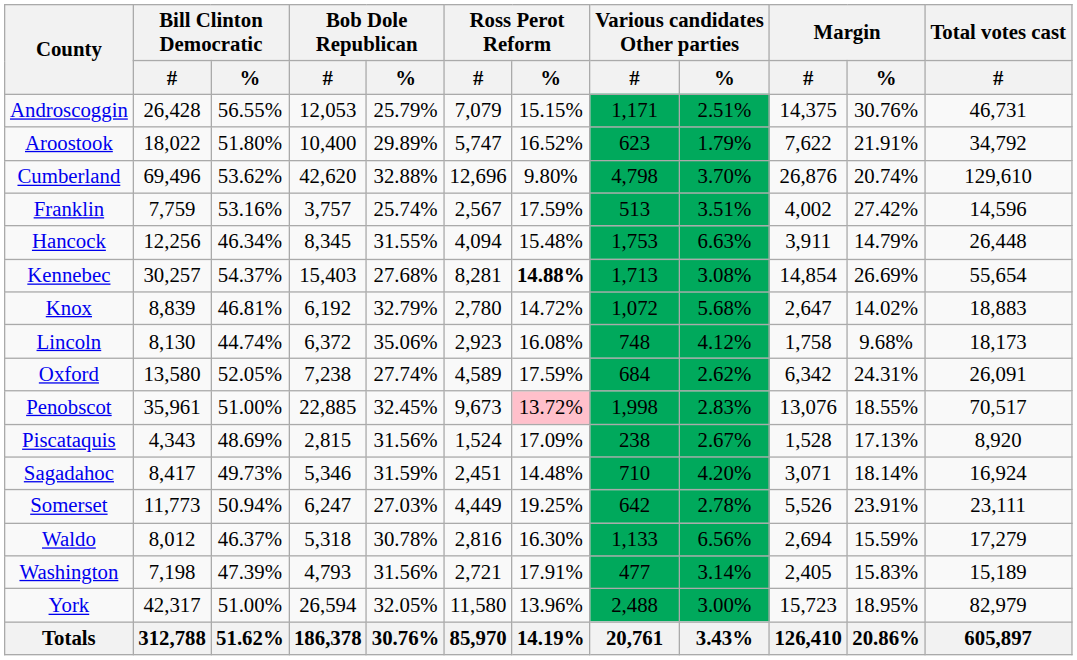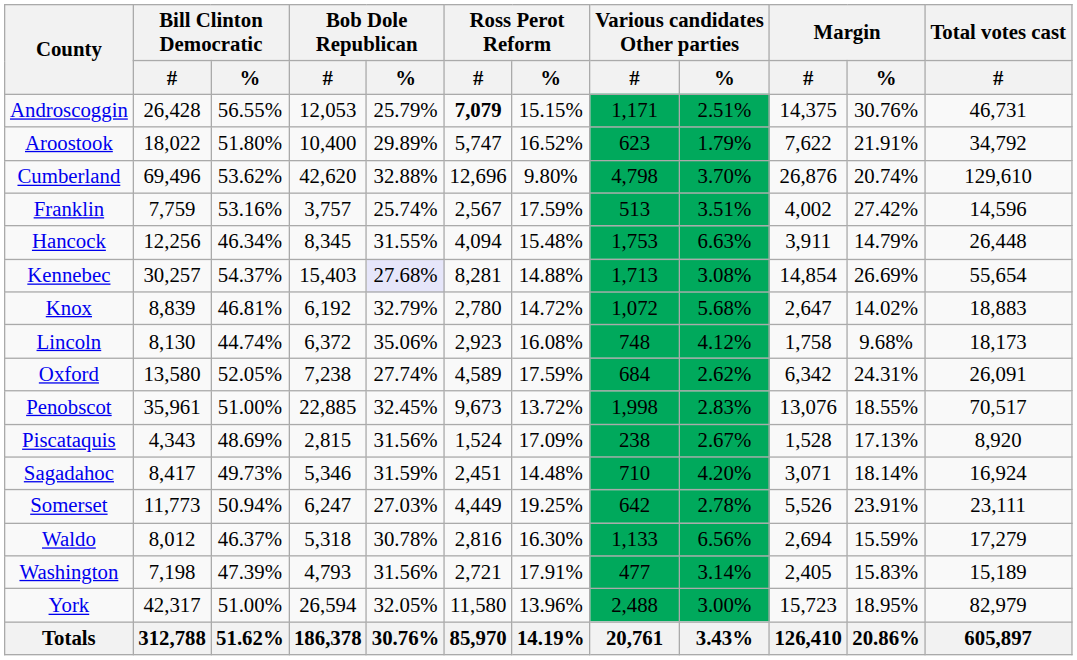 <table width="65%"  class="wikitable sortable" style="text-align:center">
 <tr>
 <th colspan="1" rowspan="2">County</th>
 <th style="text-align:center;" colspan="2">Bill Clinton<br>Democratic</th>
 <th style="text-align:center;" colspan="2">Bob Dole<br>Republican</th>
 <th style="text-align:center;" colspan="2">Ross Perot<br>Reform</th>
 <th style="text-align:center;" colspan="2">Various candidates<br>Other parties</th>
 <th style="text-align:center;" colspan="2">Margin</th>
 <th style="text-align:center;" colspan="1">Total votes cast</th>
 </tr>
 <tr>
 <th style="text-align:center;" data-sort-type="number">#</th>
 <th style="text-align:center;" data-sort-type="number">%</th>
 <th style="text-align:center;" data-sort-type="number">#</th>
 <th style="text-align:center;" data-sort-type="number">%</th>
 <th style="text-align:center;" data-sort-type="number">#</th>
 <th style="text-align:center;" data-sort-type="number">%</th>
 <th style="text-align:center;" data-sort-type="number">#</th>
 <th style="text-align:center;" data-sort-type="number">%</th>
 <th style="text-align:center;" data-sort-type="number">#</th>
 <th style="text-align:center;" data-sort-type="number">%</th>
 <th style="text-align:center;" data-sort-type="number">#</th>
 </tr>
 <tr style="text-align:center;">
 <td><a href='#'>Androscoggin</a></td>
 <td>26,428</td>
 <td>56.55%</td>
 <td>12,053</td>
 <td>25.79%</td>
-<td>7,079</td>
+<td><strong>7,079</strong></td>
 <td>15.15%</td>
 <td style="background:#00a95c">1,171</td>
 <td style="background:#00a95c">2.51%</td>
 <td>14,375</td>
 <td>30.76%</td>
 <td>46,731</td>
 </tr>
 <tr style="text-align:center;">
 <td><a href='#'>Aroostook</a></td>
 <td>18,022</td>
 <td>51.80%</td>
 <td>10,400</td>
 <td>29.89%</td>
 <td>5,747</td>
 <td>16.52%</td>
 <td style="background:#00a95c">623</td>
 <td style="background:#00a95c">1.79%</td>
 <td>7,622</td>
 <td>21.91%</td>
 <td>34,792</td>
 </tr>
 <tr style="text-align:center;">
 <td><a href='#'>Cumberland</a></td>
 <td>69,496</td>
 <td>53.62%</td>
 <td>42,620</td>
 <td>32.88%</td>
 <td>12,696</td>
 <td>9.80%</td>
 <td style="background:#00a95c">4,798</td>
 <td style="background:#00a95c">3.70%</td>
 <td>26,876</td>
 <td>20.74%</td>
 <td>129,610</td>
 </tr>
 <tr style="text-align:center;">
 <td><a href='#'>Franklin</a></td>
 <td>7,759</td>
 <td>53.16%</td>
 <td>3,757</td>
 <td>25.74%</td>
 <td>2,567</td>
 <td>17.59%</td>
 <td style="background:#00a95c">513</td>
 <td style="background:#00a95c">3.51%</td>
 <td>4,002</td>
 <td>27.42%</td>
 <td>14,596</td>
 </tr>
 <tr style="text-align:center;">
 <td><a href='#'>Hancock</a></td>
 <td>12,256</td>
 <td>46.34%</td>
 <td>8,345</td>
 <td>31.55%</td>
 <td>4,094</td>
 <td>15.48%</td>
 <td style="background:#00a95c">1,753</td>
 <td style="background:#00a95c">6.63%</td>
 <td>3,911</td>
 <td>14.79%</td>
 <td>26,448</td>
 </tr>
 <tr style="text-align:center;">
 <td><a href='#'>Kennebec</a></td>
 <td>30,257</td>
 <td>54.37%</td>
 <td>15,403</td>
-<td>27.68%</td>
+<td style="background: lavender;">27.68%</td>
 <td>8,281</td>
-<td><strong>14.88%</strong></td>
+<td>14.88%</td>
 <td style="background:#00a95c">1,713</td>
 <td style="background:#00a95c">3.08%</td>
 <td>14,854</td>
 <td>26.69%</td>
 <td>55,654</td>
 </tr>
 <tr style="text-align:center;">
 <td><a href='#'>Knox</a></td>
 <td>8,839</td>
 <td>46.81%</td>
 <td>6,192</td>
 <td>32.79%</td>
 <td>2,780</td>
 <td>14.72%</td>
 <td style="background:#00a95c">1,072</td>
 <td style="background:#00a95c">5.68%</td>
 <td>2,647</td>
 <td>14.02%</td>
 <td>18,883</td>
 </tr>
 <tr style="text-align:center;">
 <td><a href='#'>Lincoln</a></td>
 <td>8,130</td>
 <td>44.74%</td>
 <td>6,372</td>
 <td>35.06%</td>
 <td>2,923</td>
 <td>16.08%</td>
 <td style="background:#00a95c">748</td>
 <td style="background:#00a95c">4.12%</td>
 <td>1,758</td>
 <td>9.68%</td>
 <td>18,173</td>
 </tr>
 <tr style="text-align:center;">
 <td><a href='#'>Oxford</a></td>
 <td>13,580</td>
 <td>52.05%</td>
 <td>7,238</td>
 <td>27.74%</td>
 <td>4,589</td>
 <td>17.59%</td>
 <td style="background:#00a95c">684</td>
 <td style="background:#00a95c">2.62%</td>
 <td>6,342</td>
 <td>24.31%</td>
 <td>26,091</td>
 </tr>
 <tr style="text-align:center;">
 <td><a href='#'>Penobscot</a></td>
 <td>35,961</td>
 <td>51.00%</td>
 <td>22,885</td>
 <td>32.45%</td>
 <td>9,673</td>
-<td style="background: pink;">13.72%</td>
+<td>13.72%</td>
 <td style="background:#00a95c">1,998</td>
 <td style="background:#00a95c">2.83%</td>
 <td>13,076</td>
 <td>18.55%</td>
 <td>70,517</td>
 </tr>
 <tr style="text-align:center;">
 <td><a href='#'>Piscataquis</a></td>
 <td>4,343</td>
 <td>48.69%</td>
 <td>2,815</td>
 <td>31.56%</td>
 <td>1,524</td>
 <td>17.09%</td>
 <td style="background:#00a95c">238</td>
 <td style="background:#00a95c">2.67%</td>
 <td>1,528</td>
 <td>17.13%</td>
 <td>8,920</td>
 </tr>
 <tr style="text-align:center;">
 <td><a href='#'>Sagadahoc</a></td>
 <td>8,417</td>
 <td>49.73%</td>
 <td>5,346</td>
 <td>31.59%</td>
 <td>2,451</td>
 <td>14.48%</td>
 <td style="background:#00a95c">710</td>
 <td style="background:#00a95c">4.20%</td>
 <td>3,071</td>
 <td>18.14%</td>
 <td>16,924</td>
 </tr>
 <tr style="text-align:center;">
 <td><a href='#'>Somerset</a></td>
 <td>11,773</td>
 <td>50.94%</td>
 <td>6,247</td>
 <td>27.03%</td>
 <td>4,449</td>
 <td>19.25%</td>
 <td style="background:#00a95c">642</td>
 <td style="background:#00a95c">2.78%</td>
 <td>5,526</td>
 <td>23.91%</td>
 <td>23,111</td>
 </tr>
 <tr style="text-align:center;">
 <td><a href='#'>Waldo</a></td>
 <td>8,012</td>
 <td>46.37%</td>
 <td>5,318</td>
 <td>30.78%</td>
 <td>2,816</td>
 <td>16.30%</td>
 <td style="background:#00a95c">1,133</td>
 <td style="background:#00a95c">6.56%</td>
 <td>2,694</td>
 <td>15.59%</td>
 <td>17,279</td>
 </tr>
 <tr style="text-align:center;">
 <td><a href='#'>Washington</a></td>
 <td>7,198</td>
 <td>47.39%</td>
 <td>4,793</td>
 <td>31.56%</td>
 <td>2,721</td>
 <td>17.91%</td>
 <td style="background:#00a95c">477</td>
 <td style="background:#00a95c">3.14%</td>
 <td>2,405</td>
 <td>15.83%</td>
 <td>15,189</td>
 </tr>
 <tr style="text-align:center;">
 <td><a href='#'>York</a></td>
 <td>42,317</td>
 <td>51.00%</td>
 <td>26,594</td>
 <td>32.05%</td>
 <td>11,580</td>
 <td>13.96%</td>
 <td style="background:#00a95c">2,488</td>
 <td style="background:#00a95c">3.00%</td>
 <td>15,723</td>
 <td>18.95%</td>
 <td>82,979</td>
 </tr>
 <tr style="text-align:center;">
 <th>Totals</th>
 <th>312,788</th>
 <th>51.62%</th>
 <th>186,378</th>
 <th>30.76%</th>
 <th>85,970</th>
 <th>14.19%</th>
 <th>20,761</th>
 <th>3.43%</th>
 <th>126,410</th>
 <th>20.86%</th>
 <th>605,897</th>
 </tr>
 </table>
